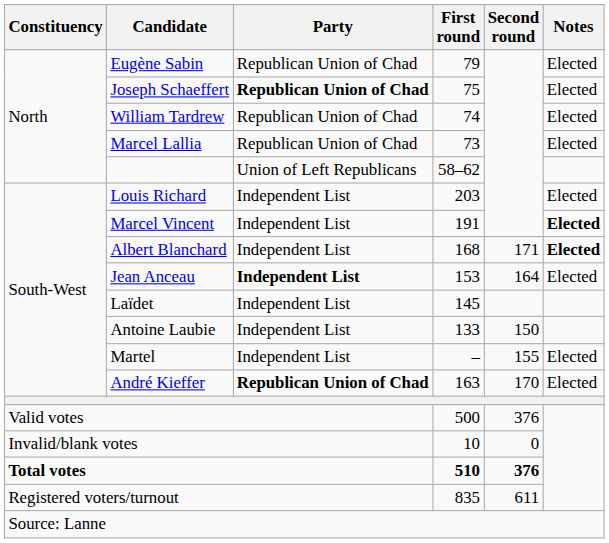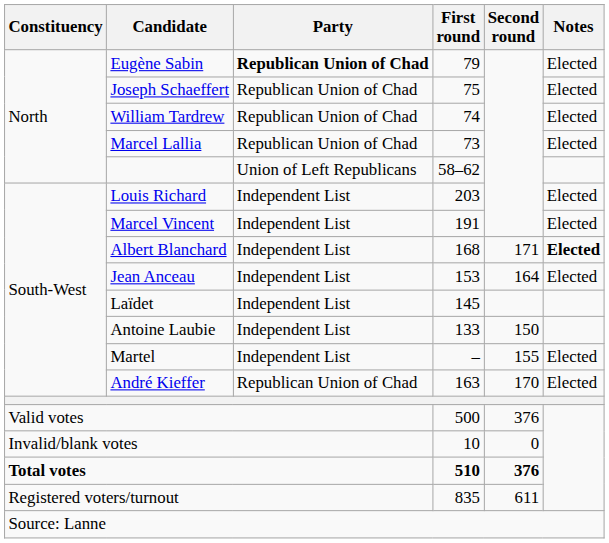 <table class=wikitable style=text-align:left>
 <tr>
 <th>Constituency</th>
 <th>Candidate</th>
 <th>Party</th>
 <th>First<br>round</th>
 <th>Second<br>round</th>
 <th>Notes</th>
 </tr>
 <tr>
 <td rowspan=5>North</td>
 <td><a href='#'>Eugène Sabin</a></td>
-<td>Republican Union of Chad</td>
+<td><strong>Republican Union of Chad</strong></td>
 <td align=right>79</td>
 <td rowspan=7></td>
 <td>Elected</td>
 </tr>
 <tr>
 <td><a href='#'>Joseph Schaeffert</a></td>
-<td><strong>Republican Union of Chad</strong></td>
+<td>Republican Union of Chad</td>
 <td align=right>75</td>
 <td>Elected</td>
 </tr>
 <tr>
 <td><a href='#'>William Tardrew</a></td>
 <td>Republican Union of Chad</td>
 <td align=right>74</td>
 <td>Elected</td>
 </tr>
 <tr>
 <td><a href='#'>Marcel Lallia</a></td>
 <td>Republican Union of Chad</td>
 <td align=right>73</td>
 <td>Elected</td>
 </tr>
 <tr>
 <td></td>
 <td>Union of Left Republicans</td>
 <td align=right>58–62</td>
 <td></td>
 </tr>
 <tr>
 <td rowspan=8>South-West</td>
 <td><a href='#'>Louis Richard</a></td>
 <td>Independent List</td>
 <td align=right>203</td>
 <td>Elected</td>
 </tr>
 <tr>
 <td><a href='#'>Marcel Vincent</a></td>
 <td>Independent List</td>
 <td align=right>191</td>
-<td><strong>Elected</strong></td>
+<td>Elected</td>
 </tr>
 <tr>
 <td><a href='#'>Albert Blanchard</a></td>
 <td>Independent List</td>
 <td align=right>168</td>
 <td align=right>171</td>
 <td><strong>Elected</strong></td>
 </tr>
 <tr>
 <td><a href='#'>Jean Anceau</a></td>
-<td><strong>Independent List</strong></td>
+<td>Independent List</td>
 <td align=right>153</td>
 <td align=right>164</td>
 <td>Elected</td>
 </tr>
 <tr>
 <td>Laïdet</td>
 <td>Independent List</td>
 <td align=right>145</td>
 <td></td>
 <td></td>
 </tr>
 <tr>
 <td>Antoine Laubie</td>
 <td>Independent List</td>
 <td align=right>133</td>
 <td align=right>150</td>
 <td></td>
 </tr>
 <tr>
 <td>Martel</td>
 <td>Independent List</td>
 <td align=right>–</td>
 <td align=right>155</td>
 <td>Elected</td>
 </tr>
 <tr>
 <td><a href='#'>André Kieffer</a></td>
-<td><strong>Republican Union of Chad</strong></td>
+<td>Republican Union of Chad</td>
 <td align=right>163</td>
 <td align=right>170</td>
 <td>Elected</td>
 </tr>
 <tr>
 <th colspan=8></th>
 </tr>
 <tr>
 <td colspan=3>Valid votes</td>
 <td align=right>500</td>
 <td align=right>376</td>
 <td rowspan=4></td>
 </tr>
 <tr>
 <td colspan=3>Invalid/blank votes</td>
 <td align=right>10</td>
 <td align=right>0</td>
 </tr>
 <tr>
 <td colspan=3><strong>Total votes</strong></td>
 <td align=right><strong>510</strong></td>
 <td align=right><strong>376</strong></td>
 </tr>
 <tr>
 <td colspan=3>Registered voters/turnout</td>
 <td align=right>835</td>
 <td align=right>611</td>
 </tr>
 <tr>
 <td colspan=8>Source: Lanne</td>
 </tr>
 </table>
